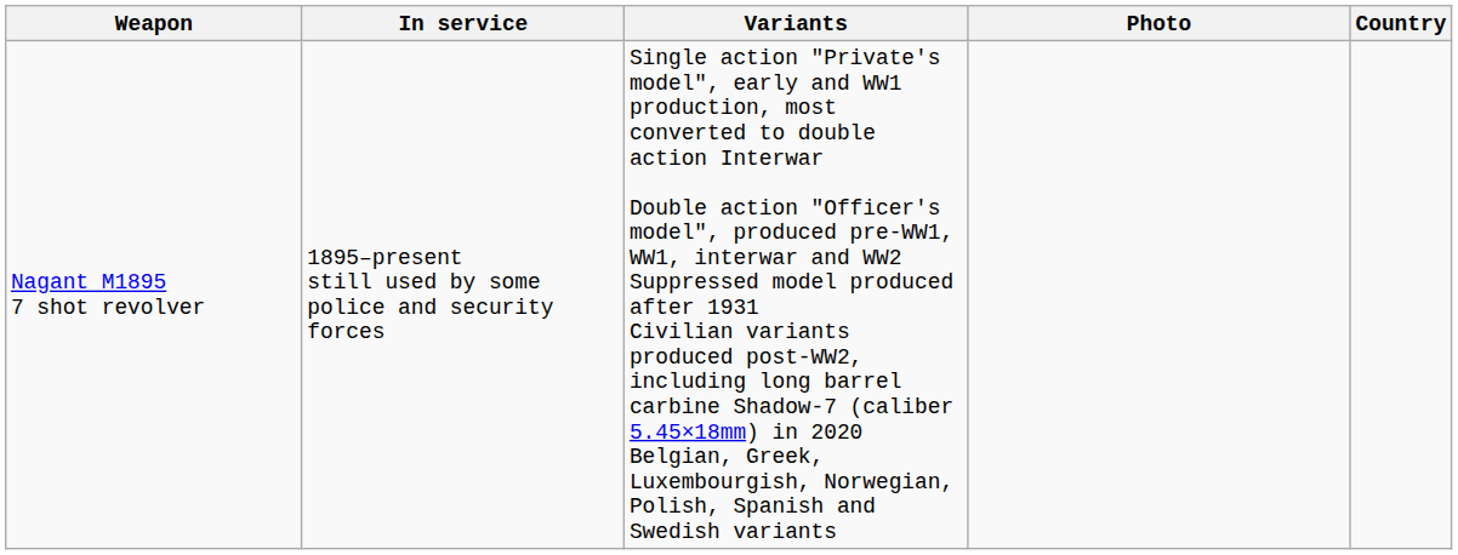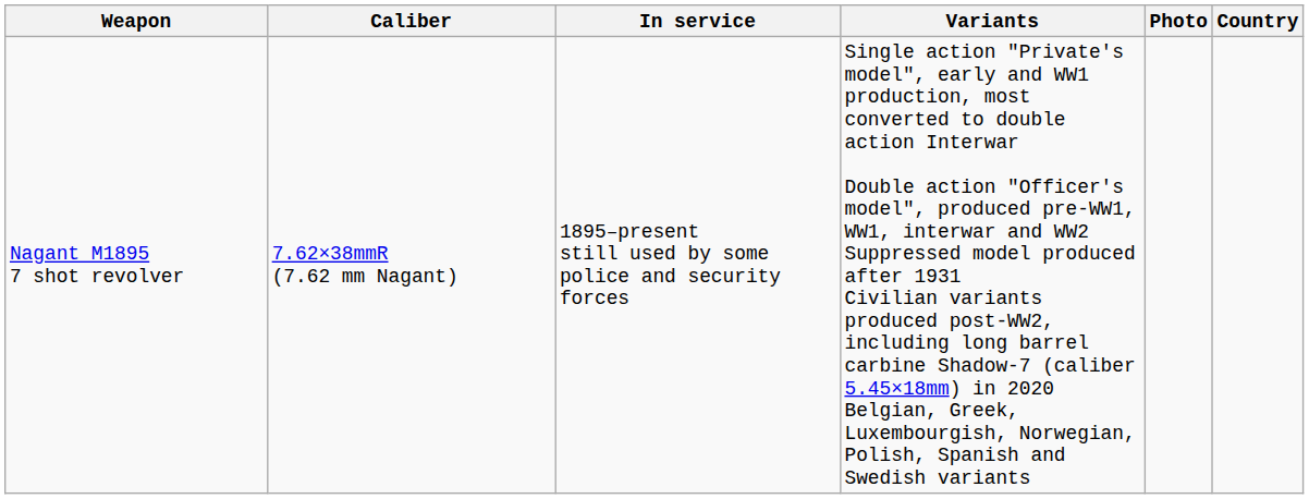 <table class="wikitable">
 <tr>
 <th style="width:22%;", align=left>Weapon</th>
+<th style="width:24%;", align=left>Caliber</th>
 <th style="width:24%;", align=left>In service</th>
 <th style="width:25%;", align=left>Variants</th>
 <th style="width:29%;">Photo</th>
 <th style="width:16%;", align=left>Country</th>
 </tr>
 <tr>
 <td><a href='#'>Nagant M1895</a><br>7 shot revolver</td>
+<td><a href='#'>7.62×38mmR</a><br>(7.62 mm Nagant)</td>
 <td>1895–present<br>still used by some police and security forces</td>
 <td>Single action "Private's model", early and WW1 production, most converted to double action Interwar<br><br>Double action "Officer's model", produced pre-WW1, WW1, interwar and WW2<br> Suppressed model produced after 1931<br> Civilian variants produced post-WW2, including long barrel carbine Shadow-7 (caliber <a href='#'>5.45×18mm</a>) in 2020<br> Belgian, Greek, Luxembourgish, Norwegian, Polish, Spanish and Swedish variants<br></td>
 <td align=center></td>
 <td><br></td>
 </tr>
 </table>
